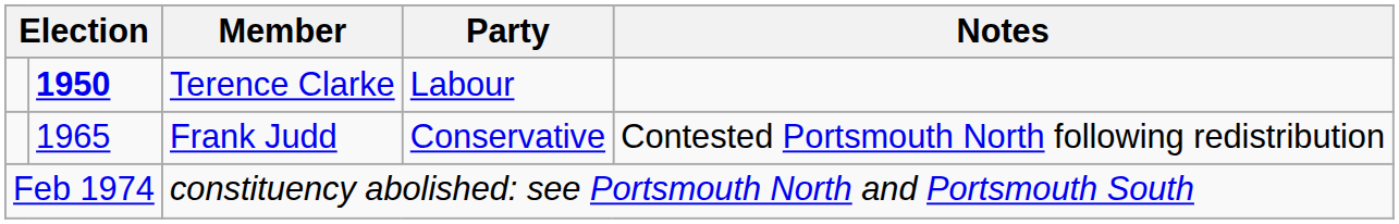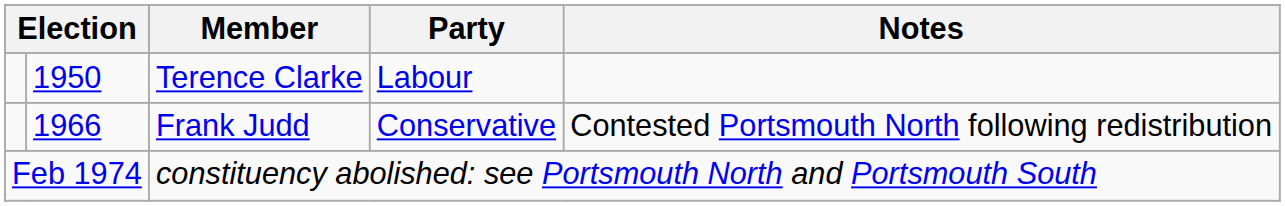 <table class="wikitable">
 <tr>
 <th colspan="2">Election</th>
 <th>Member</th>
 <th>Party</th>
 <th>Notes</th>
 </tr>
 <tr>
 <td style="color:inherit;background-color: "></td>
-<td><strong><a href='#'>1950</a></strong></td>
+<td><a href='#'>1950</a></td>
 <td><a href='#'>Terence Clarke</a></td>
 <td><a href='#'>Labour</a></td>
 <td></td>
 </tr>
 <tr>
 <td style="color:inherit;background-color: "></td>
-<td><a href='#'>1965</a></td>
+<td><a href='#'>1966</a></td>
 <td><a href='#'>Frank Judd</a></td>
 <td><a href='#'>Conservative</a></td>
 <td>Contested <a href='#'>Portsmouth North</a> following redistribution</td>
 </tr>
 <tr>
 <td colspan="2" align="center"><a href='#'>Feb 1974</a></td>
 <td colspan="3"><em>constituency abolished: see <a href='#'>Portsmouth North</a> and <a href='#'>Portsmouth South</a></em></td>
 </tr>
 </table>
